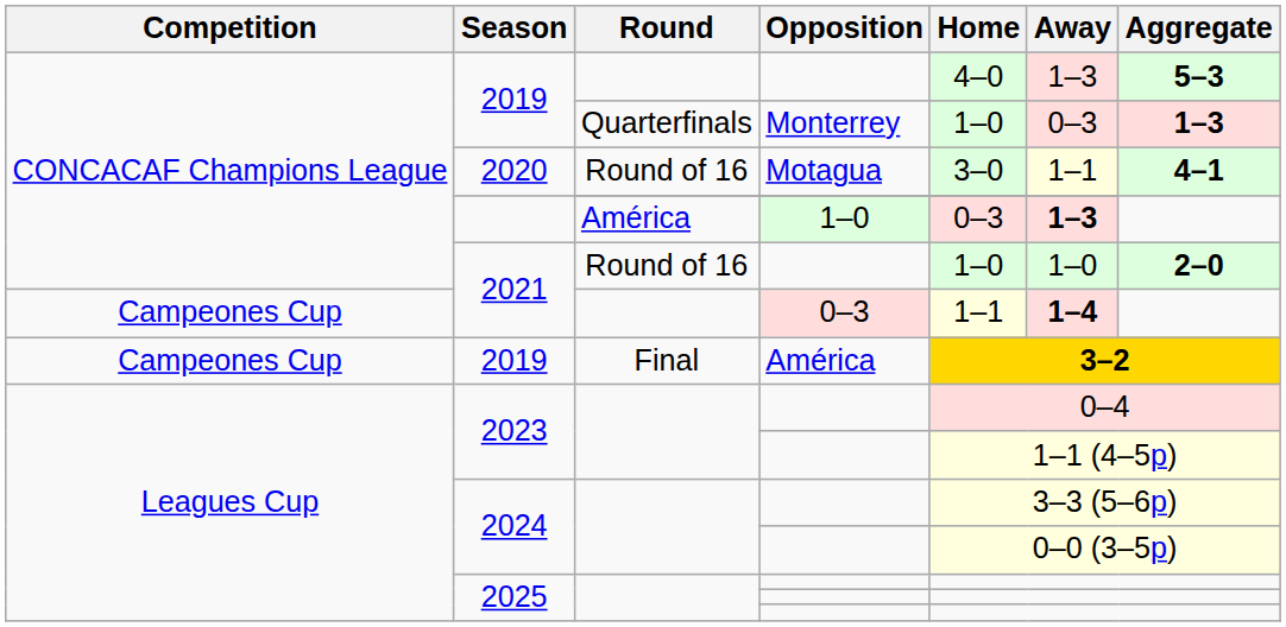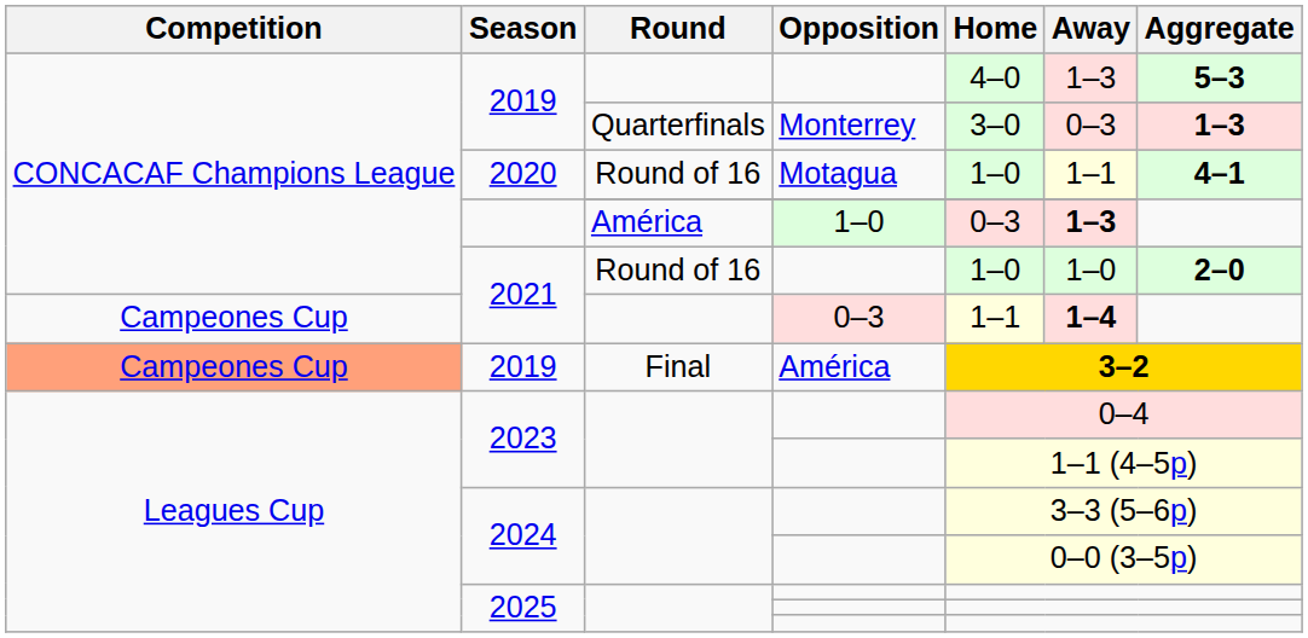 <table class="wikitable collapsible sortable" style="text-align:center; ">
 <tr>
 <th>Competition</th>
 <th>Season</th>
 <th>Round</th>
 <th>Opposition</th>
 <th>Home</th>
 <th>Away</th>
 <th>Aggregate</th>
 </tr>
 <tr>
 <td rowspan="6"><a href='#'>CONCACAF Champions League</a></td>
 <td rowspan="2"><a href='#'>2019</a></td>
 <td></td>
 <td style="text-align:left;"></td>
 <td style="text-align:center; background:#dfd;">4–0</td>
 <td style="text-align:center; background:#fdd;">1–3</td>
 <td style="text-align:center; background:#dfd;"><strong>5–3</strong></td>
 </tr>
 <tr>
 <td>Quarterfinals</td>
 <td style="text-align:left;"> <a href='#'>Monterrey</a></td>
-<td style="text-align:center; background:#dfd;">1–0</td>
+<td style="text-align:center; background:#dfd;">3–0</td>
 <td style="text-align:center; background:#fdd;">0–3</td>
 <td style="text-align:center; background:#fdd;"><strong>1–3</strong></td>
 </tr>
 <tr>
 <td rowspan="2"><a href='#'>2020</a></td>
 <td>Round of 16</td>
 <td style="text-align:left;"> <a href='#'>Motagua</a></td>
-<td style="text-align:center; background:#dfd;">3–0</td>
+<td style="text-align:center; background:#dfd;">1–0</td>
 <td style="text-align:center; background:#ffd;">1–1</td>
 <td style="text-align:center; background:#dfd;"><strong>4–1</strong></td>
 </tr>
 <tr>
 </tr>
 <tr>
 <td></td>
 <td style="text-align:left;"> <a href='#'>América</a></td>
 <td style="text-align:center; background:#dfd;">1–0</td>
 <td style="text-align:center; background:#fdd;">0–3</td>
 <td style="text-align:center; background:#fdd;"><strong>1–3</strong></td>
 </tr>
 <tr>
 <td rowspan="2"><a href='#'>2021</a></td>
 <td>Round of 16</td>
 <td style="text-align:left;"></td>
 <td style="text-align:center; background:#dfd;">1–0</td>
 <td style="text-align:center; background:#dfd;">1–0</td>
 <td style="text-align:center; background:#dfd;"><strong>2–0</strong></td>
 </tr>
 <tr>
 <td><a href='#'>Campeones Cup</a></td>
 <td style="text-align:left;"></td>
 <td style="text-align:center; background:#fdd;">0–3</td>
 <td style="text-align:center; background:#ffd;">1–1</td>
 <td style="text-align:center; background:#fdd;"><strong>1–4</strong></td>
 </tr>
 <tr>
-<td><a href='#'>Campeones Cup</a></td>
+<td style="background: lightsalmon;"><a href='#'>Campeones Cup</a></td>
 <td><a href='#'>2019</a></td>
 <td>Final</td>
 <td style="text-align:left;"> <a href='#'>América</a></td>
 <td bgcolor=Gold colspan="3" style="text-align:center;"><strong>3–2</strong></td>
 </tr>
 <tr>
 <td rowspan="7"><a href='#'>Leagues Cup</a></td>
 <td rowspan="2"><a href='#'>2023</a></td>
 <td rowspan="2"></td>
 <td style="text-align:left;"></td>
 <td colspan="3" style="text-align:center; background:#fdd;">0–4</td>
 </tr>
 <tr>
 <td style="text-align:left;"></td>
 <td colspan="3" style="text-align:center; background:#ffd;">1–1 (4–5<a href='#'>p</a>)</td>
 </tr>
 <tr>
 <td rowspan="2"><a href='#'>2024</a></td>
 <td rowspan="2"></td>
 <td style="text-align:left;"></td>
 <td colspan="3" style="text-align:center; background:#ffd;">3–3 (5–6<a href='#'>p</a>)</td>
 </tr>
 <tr>
 <td style="text-align:left;"></td>
 <td colspan="3" style="text-align:center; background:#ffd;">0–0 (3–5<a href='#'>p</a>)</td>
 </tr>
 <tr>
 <td rowspan="3"><a href='#'>2025</a></td>
 <td rowspan="3"></td>
 <td style="text-align:left;"></td>
 <td colspan="3" style="text-align:center; background:#;"></td>
 </tr>
 <tr>
 <td style="text-align:left;"></td>
 <td colspan="3" style="text-align:center; background:#;"></td>
 </tr>
 <tr>
 <td style="text-align:left;"></td>
 <td colspan="3" style="text-align:center; background:#;"></td>
 </tr>
 </table>
